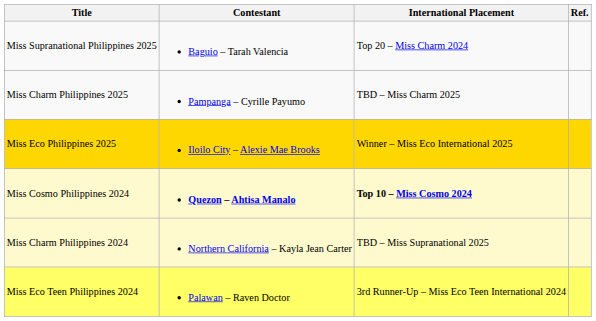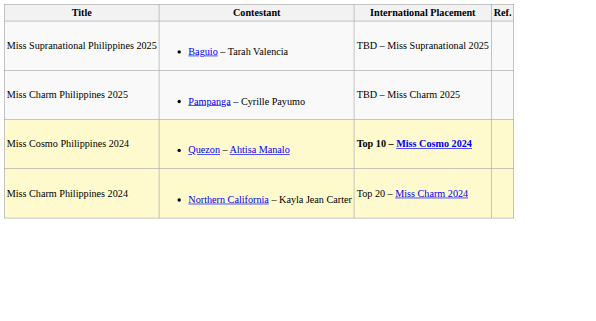 <table class="wikitable sortable" style="font-size: 95%;">
 <tr>
 <th>Title</th>
 <th>Contestant</th>
 <th>International Placement</th>
 <th>Ref.</th>
 </tr>
 <tr style="background:">
 <td>Miss Supranational Philippines 2025</td>
 <td><br><ul><li><a href='#'>Baguio</a> – Tarah Valencia</li></ul></td>
-<td>Top 20 – <a href='#'>Miss Charm 2024</a></td>
+<td>TBD – Miss Supranational 2025</td>
 <td></td>
 </tr>
 <tr style="background:">
 <td>Miss Charm Philippines 2025</td>
 <td><br><ul><li><a href='#'>Pampanga</a> – Cyrille Payumo</li></ul></td>
 <td>TBD – Miss Charm 2025</td>
 <td></td>
 </tr>
-<tr style="background:gold;">
-<td>Miss Eco Philippines 2025</td>
-<td><br><ul><li><a href='#'>Iloilo City</a> – <a href='#'>Alexie Mae Brooks</a></li></ul></td>
-<td>Winner – Miss Eco International 2025</td>
-<td></td>
-</tr>
 <tr style="background:#FFFACD;">
 <td>Miss Cosmo Philippines 2024</td>
-<td><strong><br><ul><li><a href='#'>Quezon</a> – <a href='#'>Ahtisa Manalo</a></li></ul></strong></td>
+<td><br><ul><li><a href='#'>Quezon</a> – <a href='#'>Ahtisa Manalo</a></li></ul></td>
 <td><strong>Top 10 – <a href='#'>Miss Cosmo 2024</a></strong></td>
 <td></td>
 </tr>
 <tr style="background:#FFFACD;">
 <td>Miss Charm Philippines 2024</td>
 <td><br><ul><li><a href='#'>Northern California</a> – Kayla Jean Carter</li></ul></td>
-<td>TBD – Miss Supranational 2025</td>
-<td></td>
-</tr>
-<tr style="background:#FFFF66;">
-<td>Miss Eco Teen Philippines 2024</td>
-<td><br><ul><li><a href='#'>Palawan</a> – Raven Doctor</li></ul></td>
-<td>3rd Runner-Up – Miss Eco Teen International 2024</td>
+<td>Top 20 – <a href='#'>Miss Charm 2024</a></td>
 <td></td>
 </tr>
 </table>
